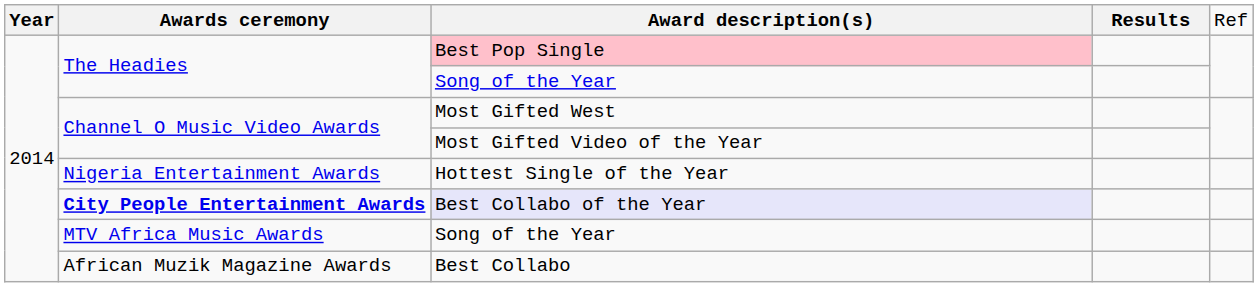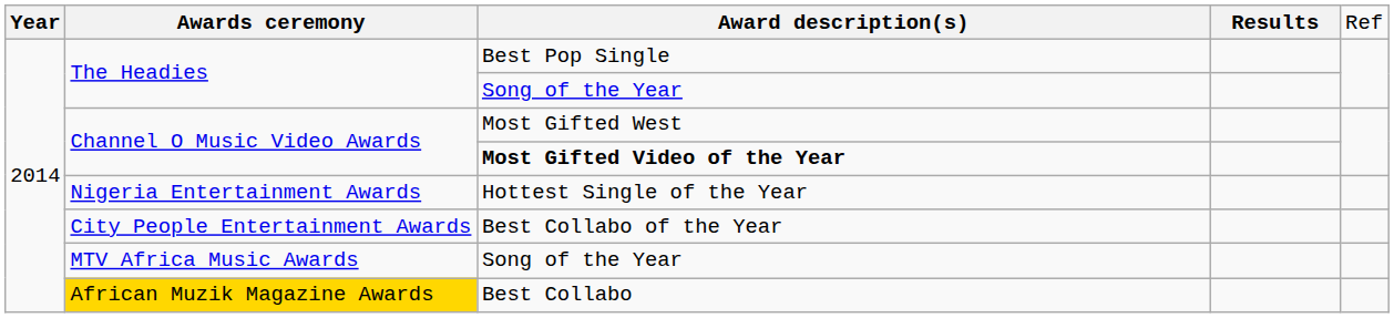 <table class="wikitable">
 <tr>
 <th>Year</th>
 <th style="width:250px;">Awards ceremony</th>
 <th style="width:450px;">Award description(s)</th>
 <th style="width:75px;">Results</th>
 <td>Ref</td>
 </tr>
 <tr>
 <td rowspan="8">2014</td>
 <td rowspan="2"><a href='#'>The Headies</a></td>
-<td style="background: pink;">Best Pop Single</td>
+<td>Best Pop Single</td>
 <td></td>
 <td rowspan="2"></td>
 </tr>
 <tr>
 <td><a href='#'>Song of the Year</a></td>
 <td></td>
 </tr>
 <tr>
 <td rowspan="2"><a href='#'>Channel O Music Video Awards</a></td>
 <td>Most Gifted West</td>
 <td></td>
 <td rowspan="2"></td>
 </tr>
 <tr>
-<td>Most Gifted Video of the Year</td>
+<td><strong>Most Gifted Video of the Year</strong></td>
 <td></td>
 </tr>
 <tr>
 <td><a href='#'>Nigeria Entertainment Awards</a></td>
 <td>Hottest Single of the Year</td>
 <td></td>
 <td></td>
 </tr>
 <tr>
-<td><strong><a href='#'>City People Entertainment Awards</a></strong></td>
-<td style="background: lavender;">Best Collabo of the Year</td>
+<td><a href='#'>City People Entertainment Awards</a></td>
+<td>Best Collabo of the Year</td>
 <td></td>
 <td></td>
 </tr>
 <tr>
 <td><a href='#'>MTV Africa Music Awards</a></td>
 <td>Song of the Year</td>
 <td></td>
 <td></td>
 </tr>
 <tr>
-<td>African Muzik Magazine Awards</td>
+<td style="background: gold;">African Muzik Magazine Awards</td>
 <td>Best Collabo</td>
 <td></td>
 <td></td>
 </tr>
 </table>
